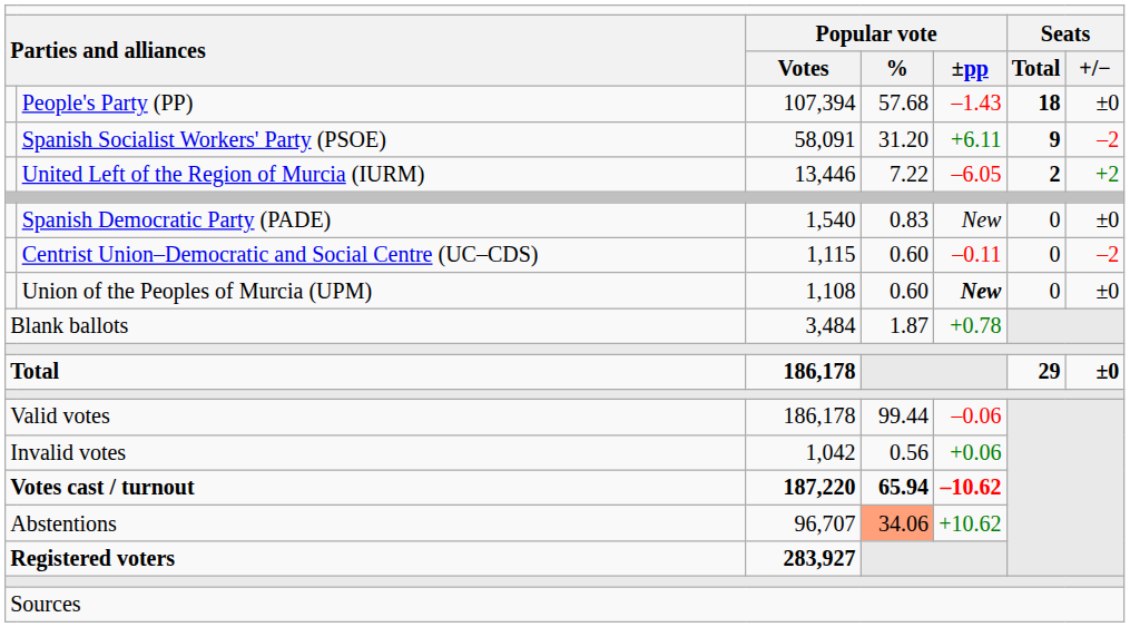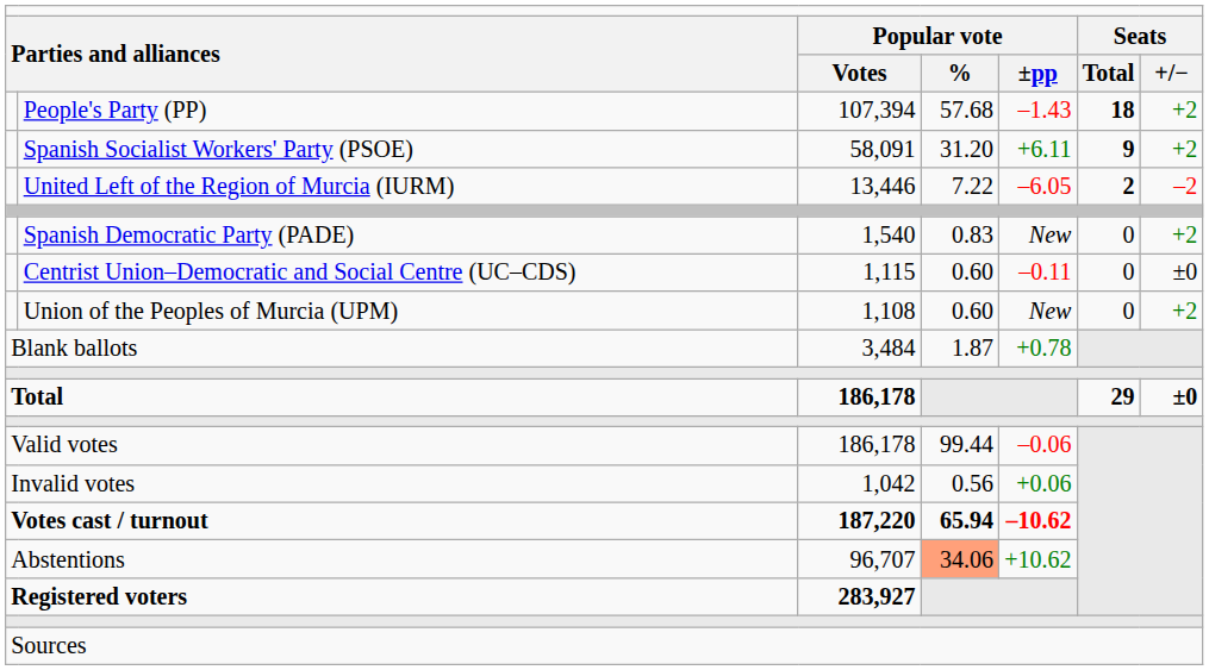 <table class="wikitable" style="text-align:right;">
 <tr>
 <td colspan="7"></td>
 </tr>
 <tr>
 <th style="text-align:left;" rowspan="2" colspan="2" width="525">Parties and alliances</th>
 <th colspan="3">Popular vote</th>
 <th colspan="2">Seats</th>
 </tr>
 <tr>
 <th width="75">Votes</th>
 <th width="45">%</th>
 <th width="45">±<a href='#'>pp</a></th>
 <th width="35">Total</th>
 <th width="35">+/−</th>
 </tr>
 <tr>
 <td width="1" style="color:inherit;background:"></td>
 <td align="left"><a href='#'>People's Party</a> (PP)</td>
 <td>107,394</td>
 <td>57.68</td>
 <td style="color:red;">–1.43</td>
 <td><strong>18</strong></td>
-<td>±0</td>
+<td style="color:green;">+2</td>
 </tr>
 <tr>
 <td style="color:inherit;background:"></td>
 <td align="left"><a href='#'>Spanish Socialist Workers' Party</a> (PSOE)</td>
 <td>58,091</td>
 <td>31.20</td>
 <td style="color:green;">+6.11</td>
 <td><strong>9</strong></td>
-<td style="color:red;">–2</td>
+<td style="color:green;">+2</td>
 </tr>
 <tr>
 <td style="color:inherit;background:"></td>
 <td align="left"><a href='#'>United Left of the Region of Murcia</a> (IURM)</td>
 <td>13,446</td>
 <td>7.22</td>
 <td style="color:red;">–6.05</td>
 <td><strong>2</strong></td>
-<td style="color:green;">+2</td>
+<td style="color:red;">–2</td>
 </tr>
 <tr>
 <td colspan="7" bgcolor="#C0C0C0"></td>
 </tr>
 <tr>
 <td style="color:inherit;background:"></td>
 <td align="left"><a href='#'>Spanish Democratic Party</a> (PADE)</td>
 <td>1,540</td>
 <td>0.83</td>
 <td><em>New</em></td>
 <td>0</td>
-<td>±0</td>
+<td style="color:green;">+2</td>
 </tr>
 <tr>
 <td style="color:inherit;background:"></td>
 <td align="left"><a href='#'>Centrist Union–Democratic and Social Centre</a> (UC–CDS)</td>
 <td>1,115</td>
 <td>0.60</td>
 <td style="color:red;">–0.11</td>
 <td>0</td>
-<td style="color:red;">–2</td>
+<td>±0</td>
 </tr>
 <tr>
 <td style="color:inherit;background:"></td>
 <td align="left">Union of the Peoples of Murcia (UPM)</td>
 <td>1,108</td>
 <td>0.60</td>
-<td><strong><em>New</em></strong></td>
+<td><em>New</em></td>
 <td>0</td>
-<td>±0</td>
+<td style="color:green;">+2</td>
 </tr>
 <tr>
 <td align="left" colspan="2">Blank ballots</td>
 <td>3,484</td>
 <td>1.87</td>
 <td style="color:green;">+0.78</td>
 <td bgcolor="#E9E9E9" colspan="2"></td>
 </tr>
 <tr>
 <td colspan="7" bgcolor="#E9E9E9"></td>
 </tr>
 <tr style="font-weight:bold;">
 <td align="left" colspan="2">Total</td>
 <td>186,178</td>
 <td bgcolor="#E9E9E9" colspan="2"></td>
 <td>29</td>
 <td>±0</td>
 </tr>
 <tr>
 <td colspan="7" bgcolor="#E9E9E9"></td>
 </tr>
 <tr>
 <td align="left" colspan="2">Valid votes</td>
 <td>186,178</td>
 <td>99.44</td>
 <td style="color:red;">–0.06</td>
 <td bgcolor="#E9E9E9" colspan="2" rowspan="5"></td>
 </tr>
 <tr>
 <td align="left" colspan="2">Invalid votes</td>
 <td>1,042</td>
 <td>0.56</td>
 <td style="color:green;">+0.06</td>
 </tr>
 <tr style="font-weight:bold;">
 <td align="left" colspan="2">Votes cast / turnout</td>
 <td>187,220</td>
 <td>65.94</td>
 <td style="color:red;">–10.62</td>
 </tr>
 <tr>
 <td align="left" colspan="2">Abstentions</td>
 <td>96,707</td>
 <td style="background: lightsalmon;">34.06</td>
 <td style="color:green;">+10.62</td>
 </tr>
 <tr style="font-weight:bold;">
 <td align="left" colspan="2">Registered voters</td>
 <td>283,927</td>
 <td bgcolor="#E9E9E9" colspan="2"></td>
 </tr>
 <tr>
 <td colspan="7" bgcolor="#E9E9E9"></td>
 </tr>
 <tr>
 <td align="left" colspan="7">Sources</td>
 </tr>
 </table>
